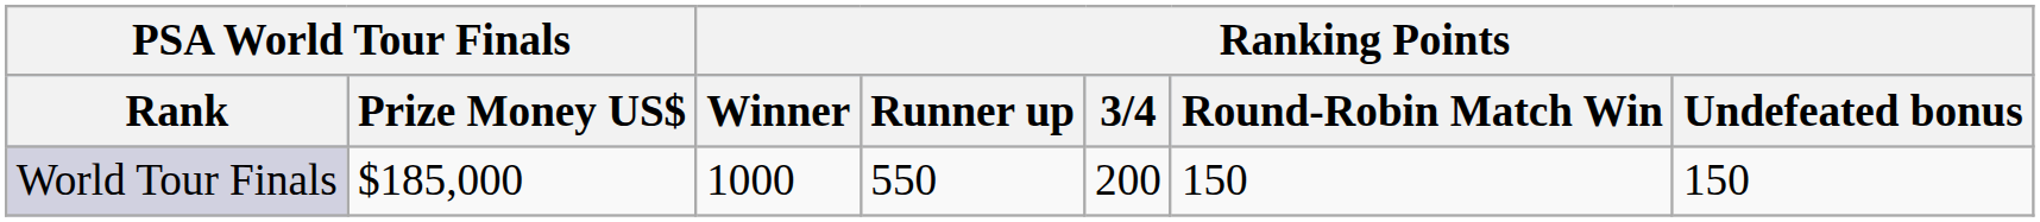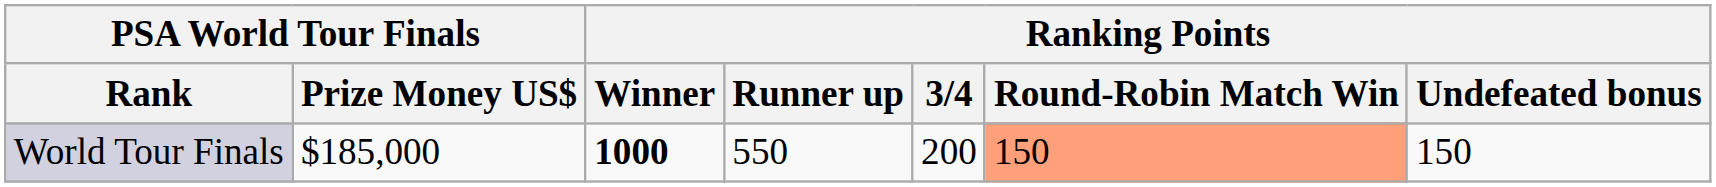 <table class="wikitable">
 <tr>
 <th colspan=2>PSA World Tour Finals</th>
 <th colspan=6>Ranking Points</th>
 </tr>
 <tr bgcolor="#d1e4fd">
 <th>Rank</th>
 <th>Prize Money US$</th>
 <th>Winner</th>
 <th>Runner up</th>
 <th>3/4</th>
 <th>Round-Robin Match Win</th>
 <th>Undefeated bonus</th>
 </tr>
 <tr>
 <td style="background:#d1d1e0;">World Tour Finals</td>
 <td>$185,000</td>
-<td>1000</td>
+<td><strong>1000</strong></td>
 <td>550</td>
 <td>200</td>
-<td>150</td>
+<td style="background: lightsalmon;">150</td>
 <td>150</td>
 </tr>
 </table>
